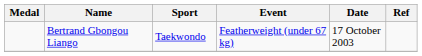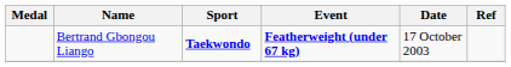 <table class="wikitable sortable" style="font-size:100%">
 <tr>
 <th width="60">Medal</th>
 <th width="250">Name</th>
 <th width="100">Sport</th>
 <th width="230">Event</th>
 <th width="100">Date</th>
 <th width="55">Ref</th>
 </tr>
 <tr>
 <td></td>
 <td><a href='#'>Bertrand Gbongou Liango</a></td>
-<td><a href='#'>Taekwondo</a></td>
-<td><a href='#'>Featherweight (under 67 kg)</a></td>
+<td><strong><a href='#'>Taekwondo</a></strong></td>
+<td><strong><a href='#'>Featherweight (under 67 kg)</a></strong></td>
 <td>17 October 2003</td>
 <td></td>
 </tr>
 <tr>
 </tr>
 </table>
